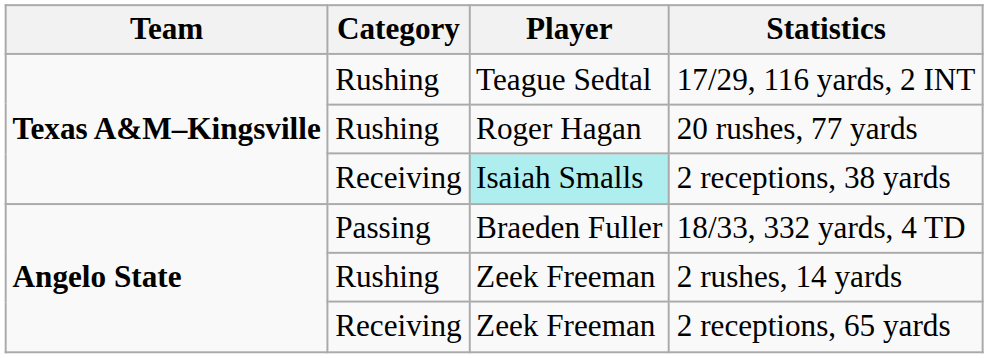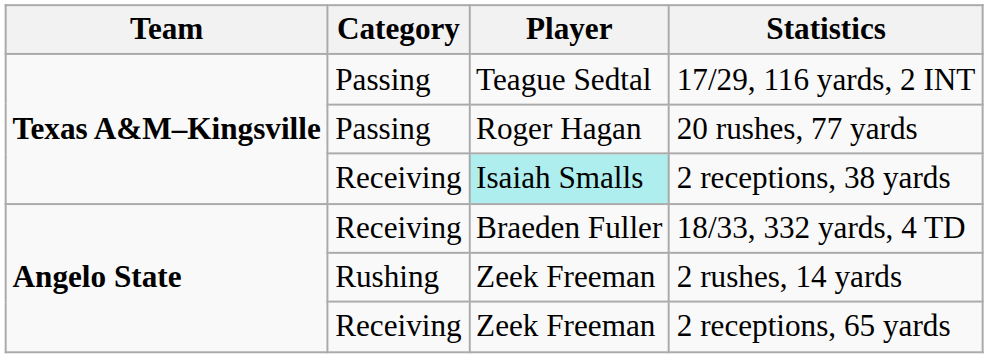 <table class="wikitable" style="float: right;">
 <tr>
 <th>Team</th>
 <th>Category</th>
 <th>Player</th>
 <th>Statistics</th>
 </tr>
 <tr>
 <td rowspan=3><strong>Texas A&M–Kingsville</strong></td>
-<td>Rushing</td>
+<td>Passing</td>
 <td>Teague Sedtal</td>
 <td>17/29, 116 yards, 2 INT</td>
 </tr>
 <tr>
-<td>Rushing</td>
+<td>Passing</td>
 <td>Roger Hagan</td>
 <td>20 rushes, 77 yards</td>
 </tr>
 <tr>
 <td>Receiving</td>
 <td style="background: paleturquoise;">Isaiah Smalls</td>
 <td>2 receptions, 38 yards</td>
 </tr>
 <tr>
 <td rowspan=3><strong>Angelo State</strong></td>
-<td>Passing</td>
+<td>Receiving</td>
 <td>Braeden Fuller</td>
 <td>18/33, 332 yards, 4 TD</td>
 </tr>
 <tr>
 <td>Rushing</td>
 <td>Zeek Freeman</td>
 <td>2 rushes, 14 yards</td>
 </tr>
 <tr>
 <td>Receiving</td>
 <td>Zeek Freeman</td>
 <td>2 receptions, 65 yards</td>
 </tr>
 </table>
